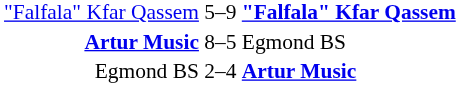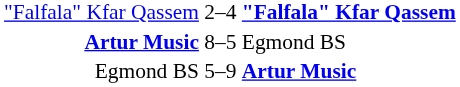 <table>
 <tr>
 <td></td>
 <th width=auto></th>
 <td></td>
 </tr>
 <tr>
 <td align=right><a href='#'>"Falfala" Kfar Qassem</a> </td>
-<td align=center>5–9</td>
+<td align=center>2–4</td>
 <td align=left> <strong><a href='#'>"Falfala" Kfar Qassem</a></strong></td>
 </tr>
 <tr>
 <td align=right><strong><a href='#'>Artur Music</a></strong> </td>
 <td align=center>8–5</td>
 <td align=left> Egmond BS</td>
 </tr>
 <tr>
 <td align=right>Egmond BS </td>
-<td align=center>2–4</td>
+<td align=center>5–9</td>
 <td align=left> <strong><a href='#'>Artur Music</a></strong></td>
 </tr>
 </table>
